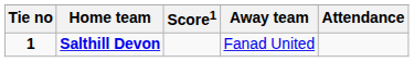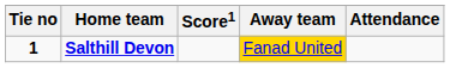 <table class="wikitable" style="text-align: center">
 <tr>
 </tr>
 <tr>
 <th>Tie no</th>
 <th>Home team</th>
 <th>Score<sup>1</sup></th>
 <th>Away team</th>
 <th>Attendance</th>
 </tr>
 <tr>
 <td><strong>1</strong></td>
 <td><strong><a href='#'>Salthill Devon</a></strong></td>
 <td></td>
-<td><a href='#'>Fanad United</a></td>
+<td style="background: gold;"><a href='#'>Fanad United</a></td>
 <td></td>
 </tr>
 </table>
